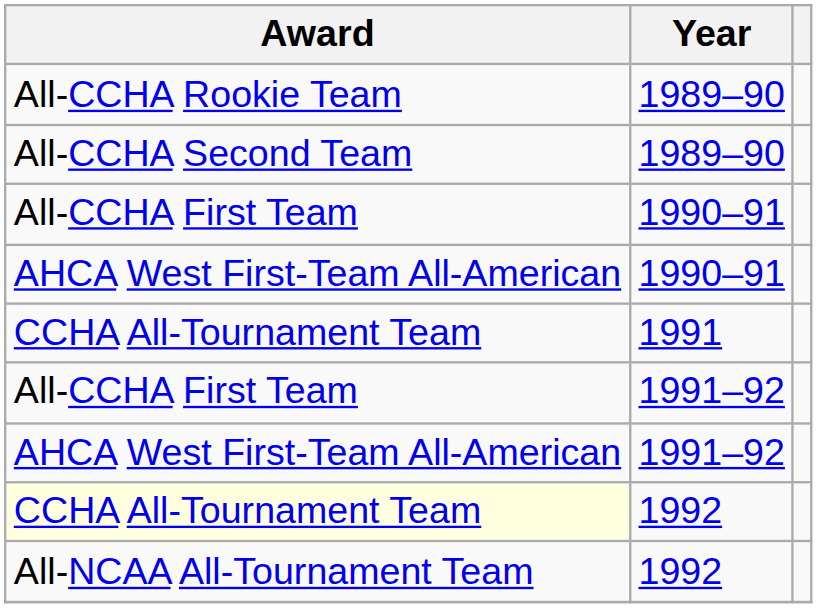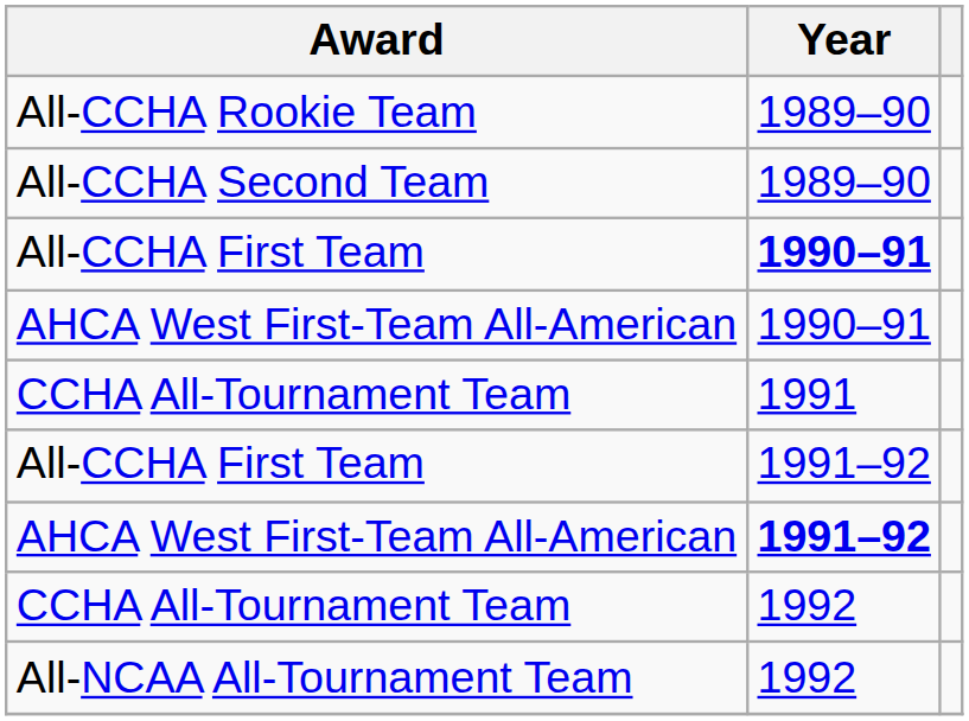 <table class="wikitable">
 <tr>
 <th>Award</th>
 <th>Year</th>
 <th></th>
 </tr>
 <tr>
 <td>All-<a href='#'>CCHA</a> <a href='#'>Rookie Team</a></td>
 <td><a href='#'>1989–90</a></td>
 <td></td>
 </tr>
 <tr>
 <td>All-<a href='#'>CCHA</a> <a href='#'>Second Team</a></td>
 <td><a href='#'>1989–90</a></td>
 <td></td>
 </tr>
 <tr>
 <td>All-<a href='#'>CCHA</a> <a href='#'>First Team</a></td>
-<td><a href='#'>1990–91</a></td>
+<td><strong><a href='#'>1990–91</a></strong></td>
 <td></td>
 </tr>
 <tr>
 <td><a href='#'>AHCA</a> <a href='#'>West First-Team All-American</a></td>
 <td><a href='#'>1990–91</a></td>
 <td></td>
 </tr>
 <tr>
 <td><a href='#'>CCHA</a> <a href='#'>All-Tournament Team</a></td>
 <td><a href='#'>1991</a></td>
 <td></td>
 </tr>
 <tr>
 <td>All-<a href='#'>CCHA</a> <a href='#'>First Team</a></td>
 <td><a href='#'>1991–92</a></td>
 <td></td>
 </tr>
 <tr>
 <td><a href='#'>AHCA</a> <a href='#'>West First-Team All-American</a></td>
-<td><a href='#'>1991–92</a></td>
+<td><strong><a href='#'>1991–92</a></strong></td>
 <td></td>
 </tr>
 <tr>
-<td style="background: lightyellow;"><a href='#'>CCHA</a> <a href='#'>All-Tournament Team</a></td>
+<td><a href='#'>CCHA</a> <a href='#'>All-Tournament Team</a></td>
 <td><a href='#'>1992</a></td>
 <td></td>
 </tr>
 <tr>
 <td>All-<a href='#'>NCAA</a> <a href='#'>All-Tournament Team</a></td>
 <td><a href='#'>1992</a></td>
 <td></td>
 </tr>
 <tr>
 </tr>
 </table>
